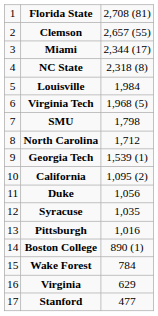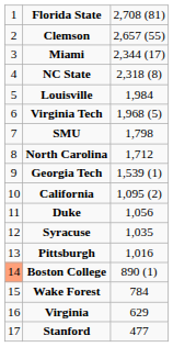 <table class="wikitable" style="display: inline-table; text-align:center;">
 <tr style="text-align:center">
 <td>1</td>
 <td><strong>Florida State</strong></td>
 <td>2,708 (81)</td>
 </tr>
 <tr>
 <td>2</td>
 <td><strong>Clemson</strong></td>
 <td>2,657 (55)</td>
 </tr>
 <tr>
 <td>3</td>
 <td><strong>Miami</strong></td>
 <td>2,344 (17)</td>
 </tr>
 <tr>
 <td>4</td>
 <td><strong>NC State</strong></td>
 <td>2,318 (8)</td>
 </tr>
 <tr>
 <td>5</td>
 <td><strong>Louisville</strong></td>
 <td>1,984</td>
 </tr>
 <tr>
 <td>6</td>
 <td><strong>Virginia Tech</strong></td>
 <td>1,968 (5)</td>
 </tr>
 <tr>
 <td>7</td>
 <td><strong>SMU</strong></td>
 <td>1,798</td>
 </tr>
 <tr>
 <td>8</td>
 <td><strong>North Carolina</strong></td>
 <td>1,712</td>
 </tr>
 <tr>
 <td>9</td>
 <td><strong>Georgia Tech</strong></td>
 <td>1,539 (1)</td>
 </tr>
 <tr>
 <td>10</td>
 <td><strong>California</strong></td>
 <td>1,095 (2)</td>
 </tr>
 <tr>
 <td>11</td>
 <td><strong>Duke</strong></td>
 <td>1,056</td>
 </tr>
 <tr>
 <td>12</td>
 <td><strong>Syracuse</strong></td>
 <td>1,035</td>
 </tr>
 <tr>
 <td>13</td>
 <td><strong>Pittsburgh</strong></td>
 <td>1,016</td>
 </tr>
 <tr>
-<td>14</td>
+<td style="background: lightsalmon;">14</td>
 <td><strong>Boston College</strong></td>
 <td>890 (1)</td>
 </tr>
 <tr>
 <td>15</td>
 <td><strong>Wake Forest</strong></td>
 <td>784</td>
 </tr>
 <tr>
 <td>16</td>
 <td><strong>Virginia</strong></td>
 <td>629</td>
 </tr>
 <tr>
 <td>17</td>
 <td><strong>Stanford</strong></td>
 <td>477</td>
 </tr>
 </table>
